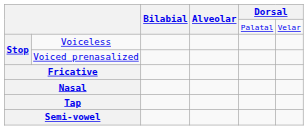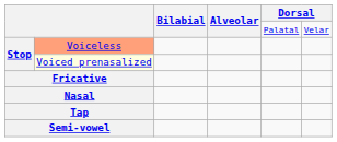 <table class="wikitable" style="text-align:center;">
 <tr>
 <th rowspan=2 colspan=2></th>
 <th rowspan=2><a href='#'>Bilabial</a></th>
 <th rowspan=2><a href='#'>Alveolar</a></th>
 <th colspan=2><a href='#'>Dorsal</a></th>
 </tr>
 <tr>
 <td><small><a href='#'>Palatal</a></small></td>
 <td><small><a href='#'>Velar</a></small></td>
 </tr>
 <tr>
 <th rowspan=2><a href='#'>Stop</a></th>
-<td><a href='#'>Voiceless</a></td>
+<td style="background: lightsalmon;"><a href='#'>Voiceless</a></td>
 <td></td>
 <td></td>
 <td></td>
 <td></td>
 </tr>
 <tr>
-<td><a href='#'> Voiced prenasalized</a></td>
+<td style="background: lightyellow;"><a href='#'> Voiced prenasalized</a></td>
 <td></td>
 <td></td>
 <td></td>
 <td></td>
 </tr>
 <tr>
 <th colspan=2><a href='#'>Fricative</a></th>
 <td></td>
 <td></td>
 <td></td>
 <td></td>
 </tr>
 <tr>
 <th colspan="2"><a href='#'>Nasal</a></th>
 <td></td>
 <td></td>
 <td></td>
 <td></td>
 </tr>
 <tr>
 <th colspan=2><a href='#'>Tap</a></th>
 <td></td>
 <td></td>
 <td></td>
 <td></td>
 </tr>
 <tr>
 <th colspan=2><a href='#'>Semi-vowel</a></th>
 <td></td>
 <td></td>
 <td></td>
 <td></td>
 </tr>
 </table>
